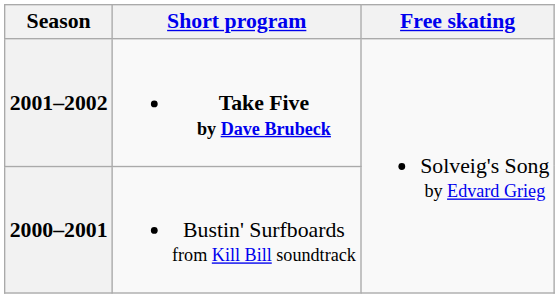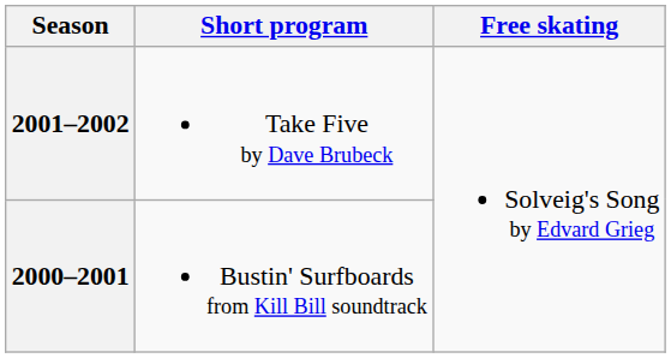 <table class=wikitable style=text-align:center>
 <tr>
 <th>Season</th>
 <th><a href='#'>Short program</a></th>
 <th><a href='#'>Free skating</a></th>
 </tr>
 <tr>
 <th>2001–2002 <br></th>
-<td><strong><br><ul><li>Take Five  <br><small> by <a href='#'>Dave Brubeck</a> </small></li></ul></strong></td>
+<td><br><ul><li>Take Five  <br><small> by <a href='#'>Dave Brubeck</a> </small></li></ul></td>
 <td rowspan=2><br><ul><li>Solveig's Song <br><small> by <a href='#'>Edvard Grieg</a> </small></li></ul></td>
 </tr>
 <tr>
 <th>2000–2001 <br></th>
 <td><br><ul><li>Bustin' Surfboards <br><small> from <a href='#'>Kill Bill</a> soundtrack </small></li></ul></td>
 </tr>
 </table>
